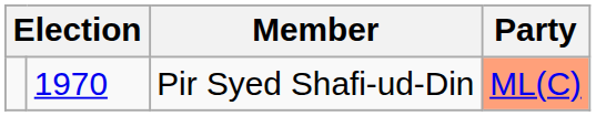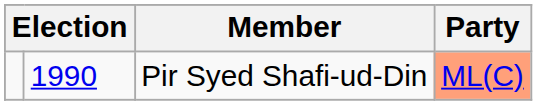 <table class="wikitable">
 <tr>
 <th colspan="2">Election</th>
 <th>Member</th>
 <th>Party</th>
 </tr>
 <tr>
 <td style="background-color: "></td>
-<td><a href='#'>1970</a></td>
+<td><a href='#'>1990</a></td>
 <td>Pir Syed Shafi-ud-Din</td>
 <td style="background: lightsalmon;"><a href='#'>ML(C)</a></td>
 </tr>
 </table>
